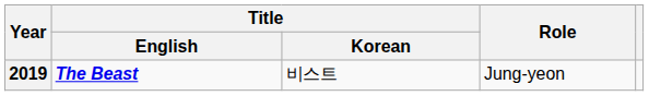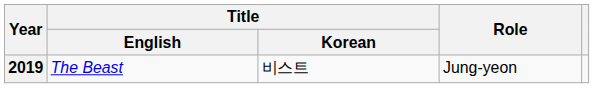 <table class="wikitable sortable plainrowheaders">
 <tr>
 <th scope="col" rowspan="2">Year</th>
 <th scope="col" colspan="2">Title</th>
 <th scope="col" rowspan="2" style="width:8.5em;">Role</th>
 <th scope="col" rowspan="2" class="unsortable"></th>
 </tr>
 <tr>
 <th scope="col" style="width:12.85em;">English</th>
 <th scope="col" style="width:11em;">Korean</th>
 </tr>
 <tr>
 <th scope="row">2019</th>
-<td><strong><em><a href='#'>The Beast</a></em></strong></td>
+<td><em><a href='#'>The Beast</a></em></td>
 <td>비스트</td>
 <td>Jung-yeon</td>
 <td></td>
 </tr>
 </table>
